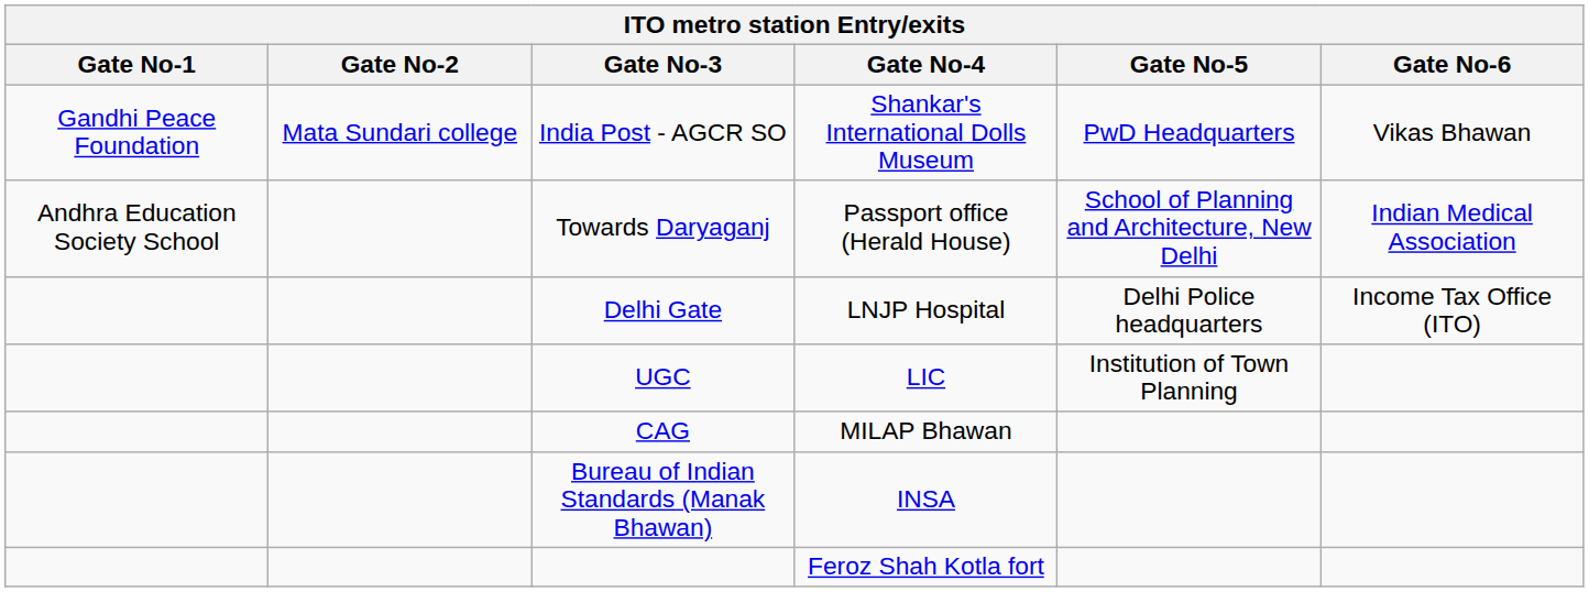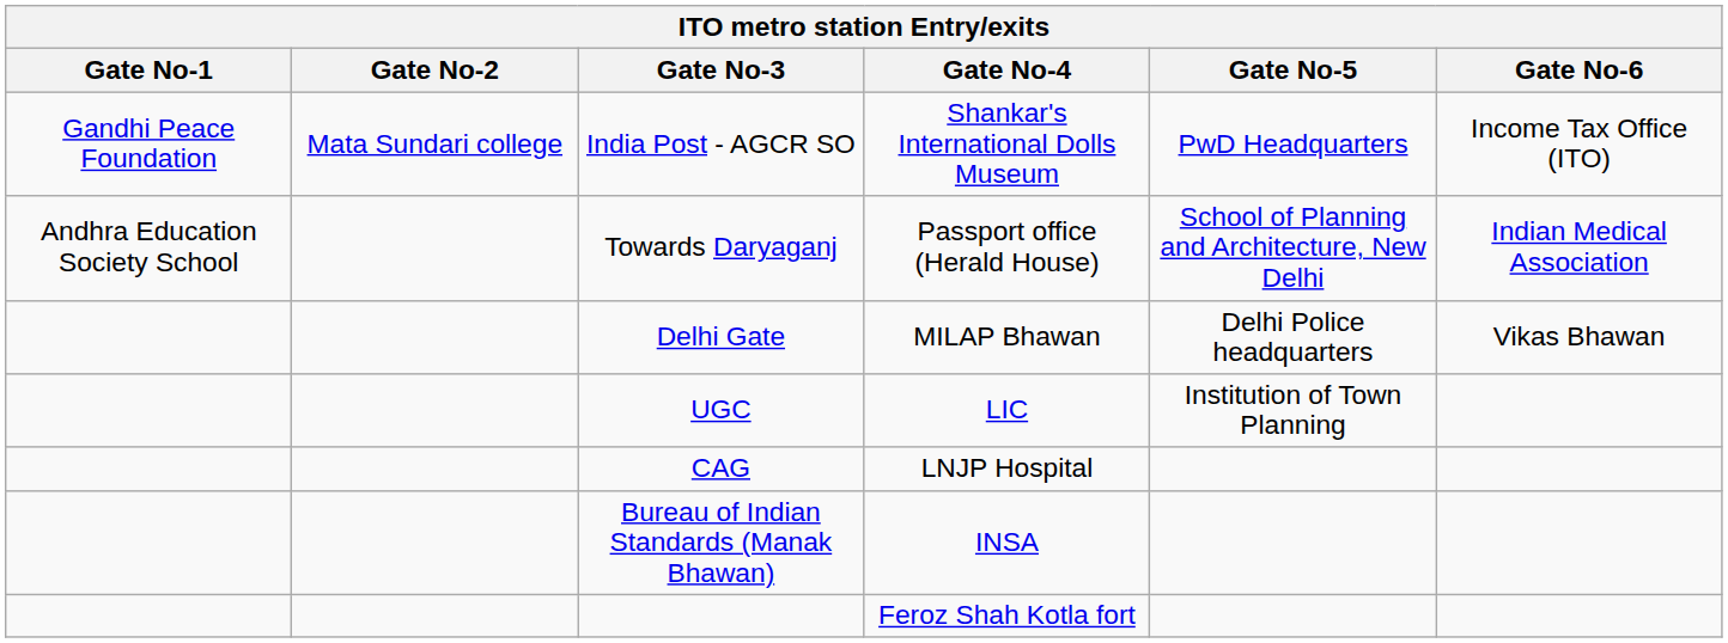 <table class="wikitable" style="text-align: center;" width="80%">
 <tr>
 <th align="center" colspan="7" style="background:#"><span>ITO metro station Entry/exits</span></th>
 </tr>
 <tr>
 <th style="width:16%;">Gate No-1</th>
 <th style="width:16%;">Gate No-2</th>
 <th style="width:16%;">Gate No-3</th>
 <th style="width:16%;">Gate No-4</th>
 <th style="width:16%;">Gate No-5</th>
 <th style="width:16%;">Gate No-6</th>
 </tr>
 <tr>
 <td><a href='#'>Gandhi Peace Foundation</a></td>
 <td><a href='#'>Mata Sundari college</a></td>
 <td><a href='#'>India Post</a> - AGCR SO</td>
 <td><a href='#'>Shankar's International Dolls Museum</a></td>
 <td><a href='#'>PwD Headquarters</a></td>
-<td>Vikas Bhawan</td>
+<td>Income Tax Office (ITO)</td>
 </tr>
 <tr>
 <td>Andhra Education Society School</td>
 <td></td>
 <td>Towards <a href='#'>Daryaganj</a></td>
 <td>Passport office (Herald House)</td>
 <td><a href='#'>School of Planning and Architecture, New Delhi</a></td>
 <td><a href='#'>Indian Medical Association</a></td>
 </tr>
 <tr>
 <td></td>
 <td></td>
 <td><a href='#'>Delhi Gate</a></td>
-<td>LNJP Hospital</td>
+<td>MILAP Bhawan</td>
 <td>Delhi Police headquarters</td>
-<td>Income Tax Office (ITO)</td>
+<td>Vikas Bhawan</td>
 </tr>
 <tr>
 <td></td>
 <td></td>
 <td><a href='#'>UGC</a></td>
 <td><a href='#'>LIC</a></td>
 <td>Institution of Town Planning</td>
 <td></td>
 </tr>
 <tr>
 <td></td>
 <td></td>
 <td><a href='#'>CAG</a></td>
-<td>MILAP Bhawan</td>
+<td>LNJP Hospital</td>
 <td></td>
 <td></td>
 </tr>
 <tr>
 <td></td>
 <td></td>
 <td><a href='#'>Bureau of Indian Standards (Manak Bhawan)</a></td>
 <td><a href='#'>INSA</a></td>
 <td></td>
 <td></td>
 </tr>
 <tr>
 <td></td>
 <td></td>
 <td></td>
 <td><a href='#'>Feroz Shah Kotla fort</a></td>
 <td></td>
 <td></td>
 </tr>
 </table>
